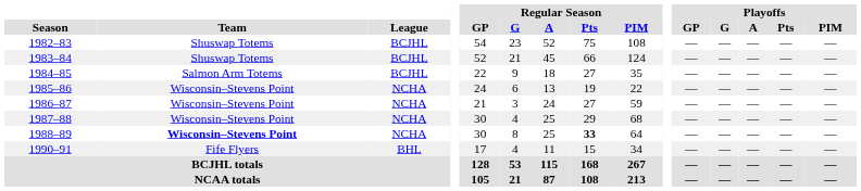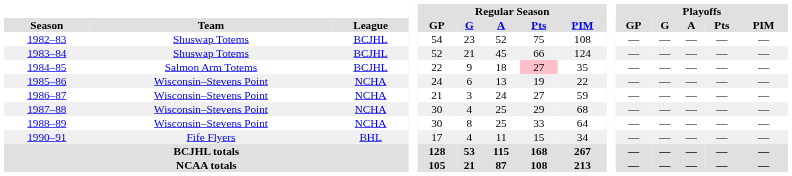 <table border="0" cellpadding="1" cellspacing="0" style="text-align:center; width:70em">
 <tr bgcolor="#e0e0e0">
 <th colspan="3"  bgcolor="#ffffff"> </th>
 <th rowspan="99" bgcolor="#ffffff"> </th>
 <th colspan="5">Regular Season</th>
 <th rowspan="99" bgcolor="#ffffff"> </th>
 <th colspan="5">Playoffs</th>
 </tr>
 <tr bgcolor="#e0e0e0">
 <th>Season</th>
 <th>Team</th>
 <th>League</th>
 <th>GP</th>
 <th><a href='#'>G</a></th>
 <th><a href='#'>A</a></th>
 <th><a href='#'>Pts</a></th>
 <th><a href='#'>PIM</a></th>
 <th>GP</th>
 <th>G</th>
 <th>A</th>
 <th>Pts</th>
 <th>PIM</th>
 </tr>
 <tr>
 <td><a href='#'>1982–83</a></td>
 <td><a href='#'>Shuswap Totems</a></td>
 <td><a href='#'>BCJHL</a></td>
 <td>54</td>
 <td>23</td>
 <td>52</td>
 <td>75</td>
 <td>108</td>
 <td>—</td>
 <td>—</td>
 <td>—</td>
 <td>—</td>
 <td>—</td>
 </tr>
 <tr bgcolor="f0f0f0">
 <td><a href='#'>1983–84</a></td>
 <td><a href='#'>Shuswap Totems</a></td>
 <td><a href='#'>BCJHL</a></td>
 <td>52</td>
 <td>21</td>
 <td>45</td>
 <td>66</td>
 <td>124</td>
 <td>—</td>
 <td>—</td>
 <td>—</td>
 <td>—</td>
 <td>—</td>
 </tr>
 <tr>
 <td><a href='#'>1984–85</a></td>
 <td><a href='#'>Salmon Arm Totems</a></td>
 <td><a href='#'>BCJHL</a></td>
 <td>22</td>
 <td>9</td>
 <td>18</td>
-<td>27</td>
+<td style="background: pink;">27</td>
 <td>35</td>
 <td>—</td>
 <td>—</td>
 <td>—</td>
 <td>—</td>
 <td>—</td>
 </tr>
 <tr bgcolor="f0f0f0">
 <td><a href='#'>1985–86</a></td>
 <td><a href='#'>Wisconsin–Stevens Point</a></td>
 <td><a href='#'>NCHA</a></td>
 <td>24</td>
 <td>6</td>
 <td>13</td>
 <td>19</td>
 <td>22</td>
 <td>—</td>
 <td>—</td>
 <td>—</td>
 <td>—</td>
 <td>—</td>
 </tr>
 <tr>
 <td><a href='#'>1986–87</a></td>
 <td><a href='#'>Wisconsin–Stevens Point</a></td>
 <td><a href='#'>NCHA</a></td>
 <td>21</td>
 <td>3</td>
 <td>24</td>
 <td>27</td>
 <td>59</td>
 <td>—</td>
 <td>—</td>
 <td>—</td>
 <td>—</td>
 <td>—</td>
 </tr>
 <tr bgcolor="f0f0f0">
 <td><a href='#'>1987–88</a></td>
 <td><a href='#'>Wisconsin–Stevens Point</a></td>
 <td><a href='#'>NCHA</a></td>
 <td>30</td>
 <td>4</td>
 <td>25</td>
 <td>29</td>
 <td>68</td>
 <td>—</td>
 <td>—</td>
 <td>—</td>
 <td>—</td>
 <td>—</td>
 </tr>
 <tr>
 <td><a href='#'>1988–89</a></td>
-<td><strong><a href='#'>Wisconsin–Stevens Point</a></strong></td>
+<td><a href='#'>Wisconsin–Stevens Point</a></td>
 <td><a href='#'>NCHA</a></td>
 <td>30</td>
 <td>8</td>
 <td>25</td>
-<td><strong>33</strong></td>
+<td>33</td>
 <td>64</td>
 <td>—</td>
 <td>—</td>
 <td>—</td>
 <td>—</td>
 <td>—</td>
 </tr>
 <tr bgcolor="f0f0f0">
 <td><a href='#'>1990–91</a></td>
 <td><a href='#'>Fife Flyers</a></td>
 <td><a href='#'>BHL</a></td>
 <td>17</td>
 <td>4</td>
 <td>11</td>
 <td>15</td>
 <td>34</td>
 <td>—</td>
 <td>—</td>
 <td>—</td>
 <td>—</td>
 <td>—</td>
 </tr>
 <tr bgcolor="#e0e0e0">
 <th colspan="3">BCJHL totals</th>
 <th>128</th>
 <th>53</th>
 <th>115</th>
 <th>168</th>
 <th>267</th>
 <th>—</th>
 <th>—</th>
 <th>—</th>
 <th>—</th>
 <th>—</th>
 </tr>
 <tr bgcolor="#e0e0e0">
 <th colspan="3">NCAA totals</th>
 <th>105</th>
 <th>21</th>
 <th>87</th>
 <th>108</th>
 <th>213</th>
 <th>—</th>
 <th>—</th>
 <th>—</th>
 <th>—</th>
 <th>—</th>
 </tr>
 </table>
